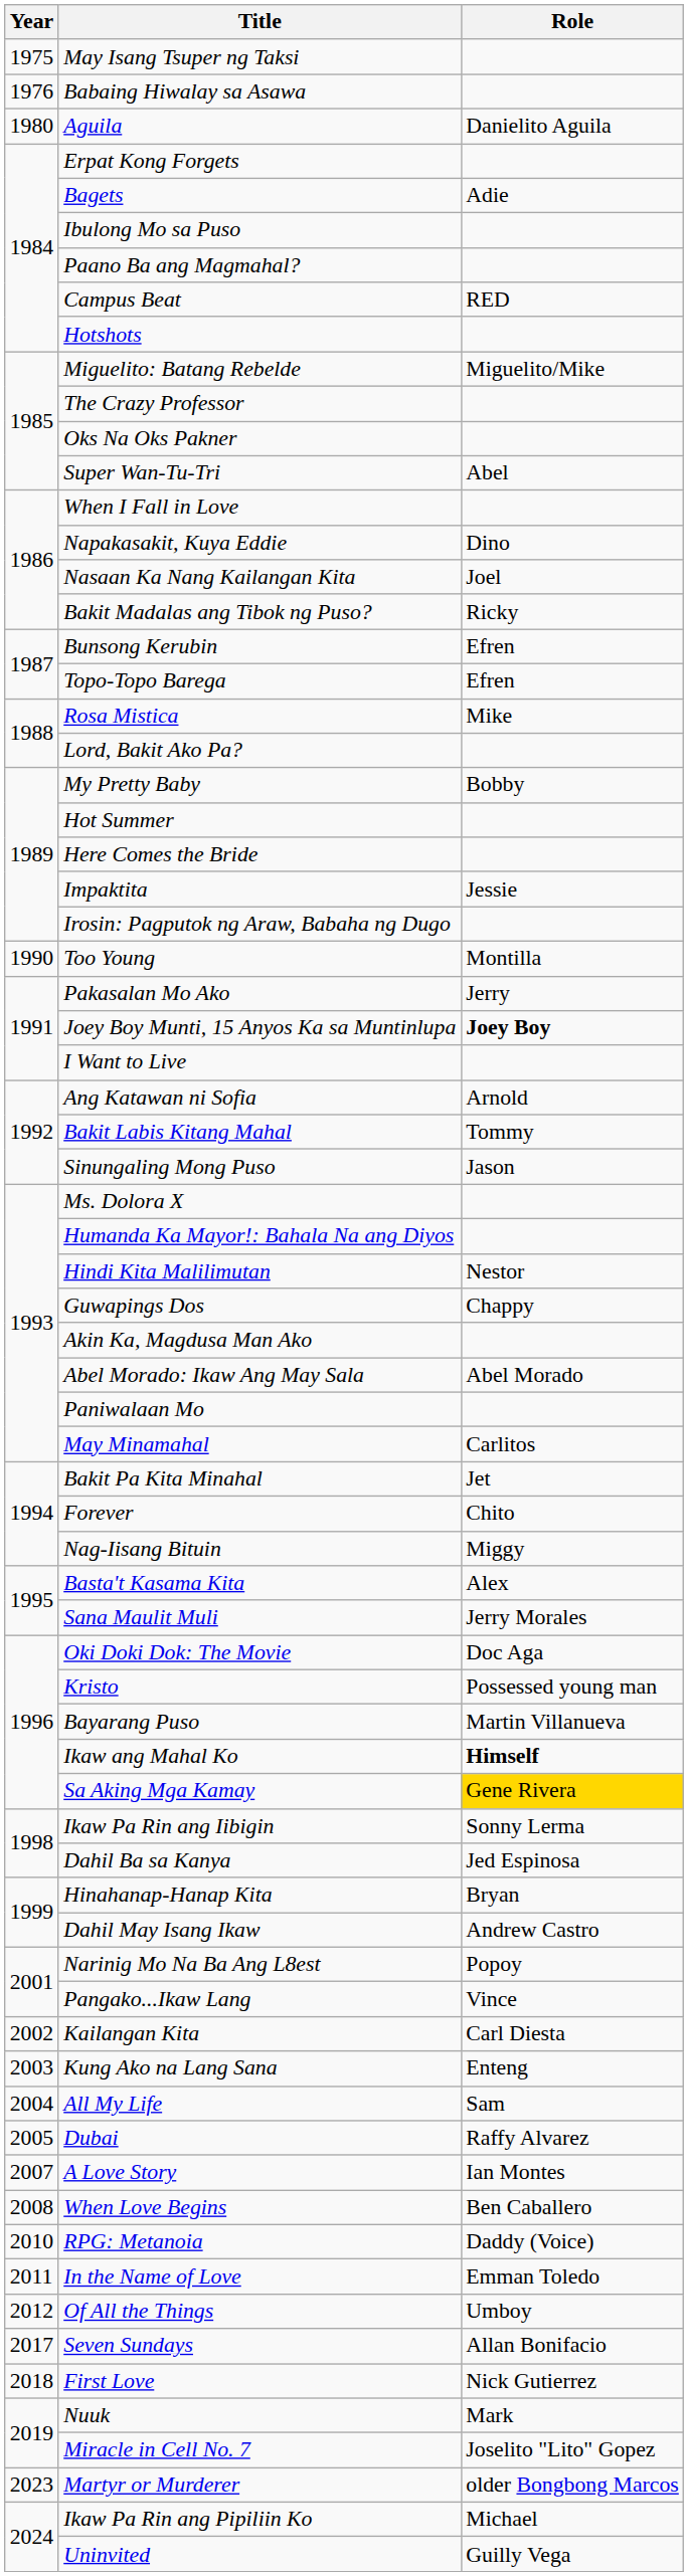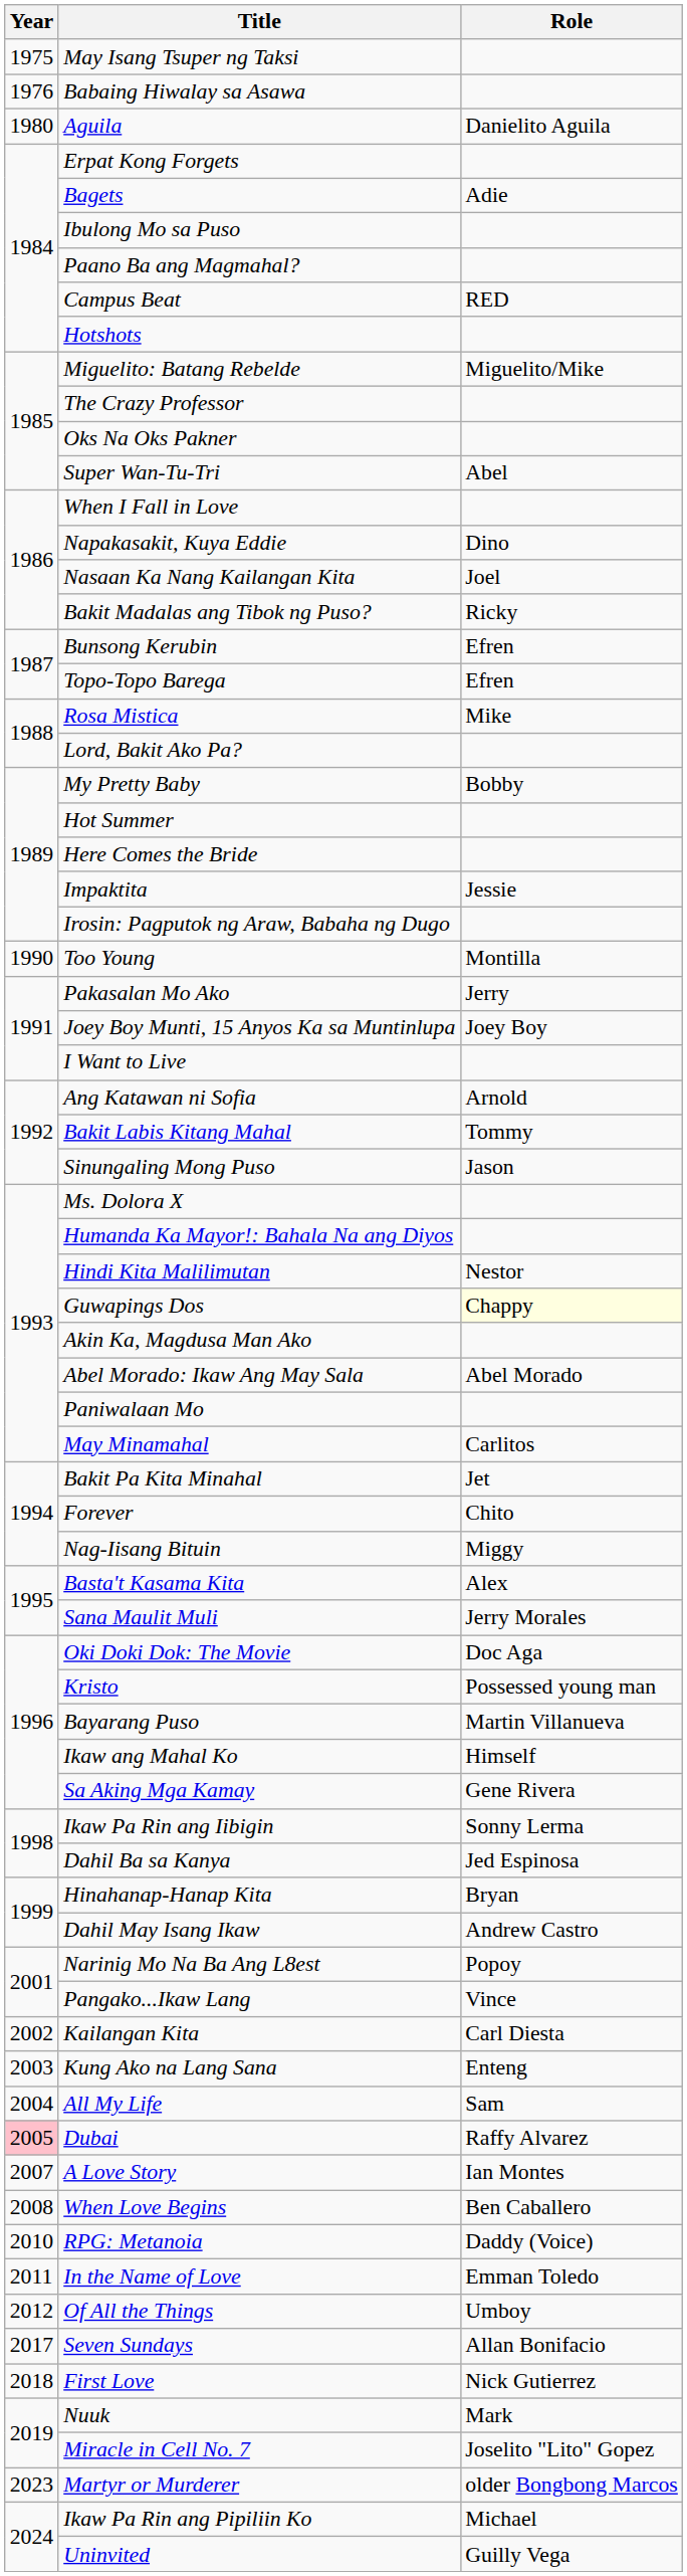 <table class="wikitable" style-align=center;>
 <tr>
 <th>Year</th>
 <th>Title</th>
 <th>Role</th>
 </tr>
 <tr>
 <td>1975</td>
 <td><em>May Isang Tsuper ng Taksi</em></td>
 <td></td>
 </tr>
 <tr>
 <td>1976</td>
 <td><em>Babaing Hiwalay sa Asawa</em></td>
 <td></td>
 </tr>
 <tr>
 <td>1980</td>
 <td><em><a href='#'>Aguila</a></em></td>
 <td>Danielito Aguila</td>
 </tr>
 <tr>
 <td rowspan="6">1984</td>
 <td><em>Erpat Kong Forgets</em></td>
 <td></td>
 </tr>
 <tr>
 <td><em><a href='#'>Bagets</a></em></td>
 <td>Adie</td>
 </tr>
 <tr>
 <td><em>Ibulong Mo sa Puso</em></td>
 <td></td>
 </tr>
 <tr>
 <td><em>Paano Ba ang Magmahal?</em></td>
 <td></td>
 </tr>
 <tr>
 <td><em>Campus Beat</em></td>
 <td>RED</td>
 </tr>
 <tr>
 <td><em><a href='#'>Hotshots</a></em></td>
 <td></td>
 </tr>
 <tr>
 <td rowspan="4">1985</td>
 <td><em>Miguelito: Batang Rebelde</em></td>
 <td>Miguelito/Mike</td>
 </tr>
 <tr>
 <td><em>The Crazy Professor</em></td>
 <td></td>
 </tr>
 <tr>
 <td><em>Oks Na Oks Pakner</em></td>
 <td></td>
 </tr>
 <tr>
 <td><em>Super Wan-Tu-Tri</em></td>
 <td>Abel</td>
 </tr>
 <tr>
 <td rowspan="4">1986</td>
 <td><em>When I Fall in Love</em></td>
 <td></td>
 </tr>
 <tr>
 <td><em>Napakasakit, Kuya Eddie</em></td>
 <td>Dino</td>
 </tr>
 <tr>
 <td><em>Nasaan Ka Nang Kailangan Kita</em></td>
 <td>Joel</td>
 </tr>
 <tr>
 <td><em>Bakit Madalas ang Tibok ng Puso?</em></td>
 <td>Ricky</td>
 </tr>
 <tr>
 <td rowspan="2">1987</td>
 <td><em>Bunsong Kerubin</em></td>
 <td>Efren</td>
 </tr>
 <tr>
 <td><em>Topo-Topo Barega</em></td>
 <td>Efren</td>
 </tr>
 <tr>
 <td rowspan="2">1988</td>
 <td><em><a href='#'>Rosa Mistica</a></em></td>
 <td>Mike</td>
 </tr>
 <tr>
 <td><em>Lord, Bakit Ako Pa?</em></td>
 <td></td>
 </tr>
 <tr>
 <td rowspan="5">1989</td>
 <td><em>My Pretty Baby</em></td>
 <td>Bobby</td>
 </tr>
 <tr>
 <td><em>Hot Summer</em></td>
 <td></td>
 </tr>
 <tr>
 <td><em>Here Comes the Bride</em></td>
 <td></td>
 </tr>
 <tr>
 <td><em>Impaktita</em></td>
 <td>Jessie</td>
 </tr>
 <tr>
 <td><em>Irosin: Pagputok ng Araw, Babaha ng Dugo</em></td>
 <td></td>
 </tr>
 <tr>
 <td>1990</td>
 <td><em>Too Young</em></td>
 <td>Montilla</td>
 </tr>
 <tr>
 <td rowspan="3">1991</td>
 <td><em>Pakasalan Mo Ako</em></td>
 <td>Jerry</td>
 </tr>
 <tr>
 <td><em>Joey Boy Munti, 15 Anyos Ka sa Muntinlupa</em></td>
-<td><strong>Joey Boy</strong></td>
+<td>Joey Boy</td>
 </tr>
 <tr>
 <td><em>I Want to Live</em></td>
 <td></td>
 </tr>
 <tr>
 <td rowspan="3">1992</td>
 <td><em>Ang Katawan ni Sofia</em></td>
 <td>Arnold</td>
 </tr>
 <tr>
 <td><em><a href='#'>Bakit Labis Kitang Mahal</a></em></td>
 <td>Tommy</td>
 </tr>
 <tr>
 <td><em>Sinungaling Mong Puso</em></td>
 <td>Jason</td>
 </tr>
 <tr>
 <td rowspan="8">1993</td>
 <td><em>Ms. Dolora X</em></td>
 <td></td>
 </tr>
 <tr>
 <td><em><a href='#'>Humanda Ka Mayor!: Bahala Na ang Diyos</a></em></td>
 <td></td>
 </tr>
 <tr>
 <td><em><a href='#'>Hindi Kita Malilimutan</a></em></td>
 <td>Nestor</td>
 </tr>
 <tr>
 <td><em>Guwapings Dos</em></td>
-<td>Chappy</td>
+<td style="background: lightyellow;">Chappy</td>
 </tr>
 <tr>
 <td><em>Akin Ka, Magdusa Man Ako</em></td>
 <td></td>
 </tr>
 <tr>
 <td><em>Abel Morado: Ikaw Ang May Sala</em></td>
 <td>Abel Morado</td>
 </tr>
 <tr>
 <td><em>Paniwalaan Mo</em></td>
 <td></td>
 </tr>
 <tr>
 <td><em><a href='#'>May Minamahal</a></em></td>
 <td>Carlitos</td>
 </tr>
 <tr>
 <td rowspan="3">1994</td>
 <td><em>Bakit Pa Kita Minahal</em></td>
 <td>Jet</td>
 </tr>
 <tr>
 <td><em>Forever</em></td>
 <td>Chito</td>
 </tr>
 <tr>
 <td><em>Nag-Iisang Bituin</em></td>
 <td>Miggy</td>
 </tr>
 <tr>
 <td rowspan="2">1995</td>
 <td><em><a href='#'>Basta't Kasama Kita</a></em></td>
 <td>Alex</td>
 </tr>
 <tr>
 <td><em><a href='#'>Sana Maulit Muli</a></em></td>
 <td>Jerry Morales</td>
 </tr>
 <tr>
 <td rowspan="5">1996</td>
 <td><em><a href='#'>Oki Doki Dok: The Movie</a></em></td>
 <td>Doc Aga </td>
 </tr>
 <tr>
 <td><em><a href='#'>Kristo</a></em></td>
 <td>Possessed young man </td>
 </tr>
 <tr>
 <td><em>Bayarang Puso</em></td>
 <td>Martin Villanueva </td>
 </tr>
 <tr>
 <td><em>Ikaw ang Mahal Ko</em></td>
-<td><strong>Himself</strong></td>
+<td>Himself</td>
 </tr>
 <tr>
 <td><em><a href='#'>Sa Aking Mga Kamay</a></em></td>
-<td style="background: gold;">Gene Rivera</td>
+<td>Gene Rivera</td>
 </tr>
 <tr>
 <td rowspan="2">1998</td>
 <td><em>Ikaw Pa Rin ang Iibigin</em></td>
 <td>Sonny Lerma</td>
 </tr>
 <tr>
 <td><em>Dahil Ba sa Kanya</em></td>
 <td>Jed Espinosa</td>
 </tr>
 <tr>
 <td rowspan="2">1999</td>
 <td><em>Hinahanap-Hanap Kita</em></td>
 <td>Bryan</td>
 </tr>
 <tr>
 <td><em>Dahil May Isang Ikaw</em></td>
 <td>Andrew Castro</td>
 </tr>
 <tr>
 <td rowspan="2">2001</td>
 <td><em>Narinig Mo Na Ba Ang L8est</em></td>
 <td>Popoy</td>
 </tr>
 <tr>
 <td><em>Pangako...Ikaw Lang</em></td>
 <td>Vince</td>
 </tr>
 <tr>
 <td>2002</td>
 <td><em>Kailangan Kita</em></td>
 <td>Carl Diesta</td>
 </tr>
 <tr>
 <td>2003</td>
 <td><em>Kung Ako na Lang Sana</em></td>
 <td>Enteng</td>
 </tr>
 <tr>
 <td>2004</td>
 <td><em><a href='#'>All My Life</a></em></td>
 <td>Sam</td>
 </tr>
 <tr>
-<td>2005</td>
+<td style="background: pink;">2005</td>
 <td><em><a href='#'>Dubai</a></em></td>
 <td>Raffy Alvarez</td>
 </tr>
 <tr>
 <td>2007</td>
 <td><em><a href='#'>A Love Story</a></em></td>
 <td>Ian Montes</td>
 </tr>
 <tr>
 <td>2008</td>
 <td><em><a href='#'>When Love Begins</a></em></td>
 <td>Ben Caballero</td>
 </tr>
 <tr>
 <td>2010</td>
 <td><em><a href='#'>RPG: Metanoia</a></em></td>
 <td>Daddy (Voice)</td>
 </tr>
 <tr>
 <td>2011</td>
 <td><em><a href='#'>In the Name of Love</a></em></td>
 <td>Emman Toledo</td>
 </tr>
 <tr>
 <td>2012</td>
 <td><em><a href='#'>Of All the Things</a></em></td>
 <td>Umboy</td>
 </tr>
 <tr>
 <td>2017</td>
 <td><em><a href='#'>Seven Sundays</a></em></td>
 <td>Allan Bonifacio</td>
 </tr>
 <tr>
 <td>2018</td>
 <td><em><a href='#'>First Love</a></em></td>
 <td>Nick Gutierrez</td>
 </tr>
 <tr>
 <td rowspan="2">2019</td>
 <td><em>Nuuk</em></td>
 <td>Mark</td>
 </tr>
 <tr>
 <td><em><a href='#'>Miracle in Cell No. 7</a></em></td>
 <td>Joselito "Lito" Gopez</td>
 </tr>
 <tr>
 <td>2023</td>
 <td><em><a href='#'>Martyr or Murderer</a></em></td>
 <td>older <a href='#'>Bongbong Marcos</a></td>
 </tr>
 <tr>
 <td rowspan="2">2024</td>
 <td><em>Ikaw Pa Rin ang Pipiliin Ko</em></td>
 <td>Michael</td>
 </tr>
 <tr>
 <td><em><a href='#'>Uninvited</a></em></td>
 <td>Guilly Vega</td>
 </tr>
 <tr>
 </tr>
 </table>
